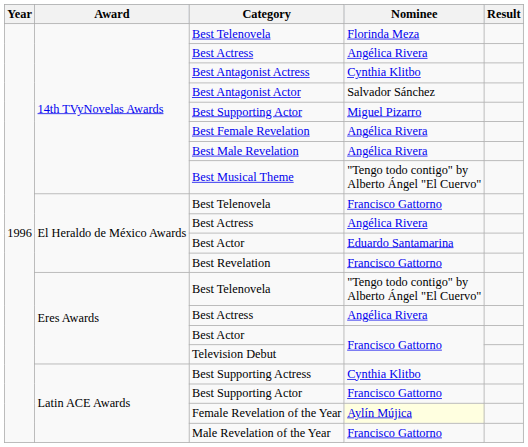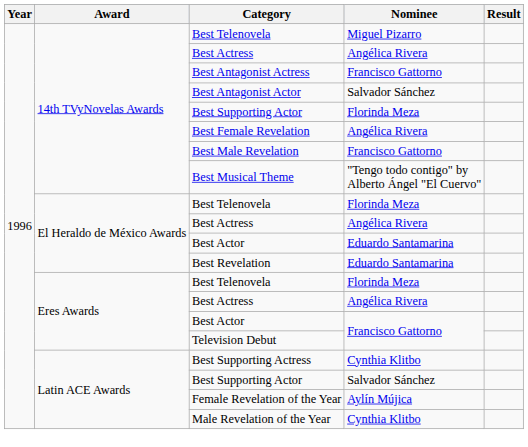 <table class="wikitable">
 <tr style="background:#b0c4de;">
 <th>Year</th>
 <th>Award</th>
 <th>Category</th>
 <th>Nominee</th>
 <th>Result</th>
 </tr>
 <tr>
 <td rowspan=20>1996</td>
 <td rowspan=8><a href='#'>14th TVyNovelas Awards</a></td>
 <td><a href='#'>Best Telenovela</a></td>
-<td><a href='#'>Florinda Meza</a></td>
+<td><a href='#'>Miguel Pizarro</a></td>
 <td></td>
 </tr>
 <tr>
 <td><a href='#'>Best Actress</a></td>
 <td><a href='#'>Angélica Rivera</a></td>
 <td></td>
 </tr>
 <tr>
 <td><a href='#'>Best Antagonist Actress</a></td>
-<td><a href='#'>Cynthia Klitbo</a></td>
+<td><a href='#'>Francisco Gattorno</a></td>
 <td></td>
 </tr>
 <tr>
 <td><a href='#'>Best Antagonist Actor</a></td>
 <td>Salvador Sánchez</td>
 <td></td>
 </tr>
 <tr>
 <td><a href='#'>Best Supporting Actor</a></td>
-<td><a href='#'>Miguel Pizarro</a></td>
+<td><a href='#'>Florinda Meza</a></td>
 <td></td>
 </tr>
 <tr>
 <td><a href='#'>Best Female Revelation</a></td>
 <td><a href='#'>Angélica Rivera</a></td>
 <td></td>
 </tr>
 <tr>
 <td><a href='#'>Best Male Revelation</a></td>
-<td><a href='#'>Angélica Rivera</a></td>
+<td><a href='#'>Francisco Gattorno</a></td>
 <td></td>
 </tr>
 <tr>
 <td><a href='#'>Best Musical Theme</a></td>
 <td>"Tengo todo contigo" by <br> Alberto Ángel "El Cuervo"</td>
 <td></td>
 </tr>
 <tr>
 <td rowspan=4>El Heraldo de México Awards</td>
 <td>Best Telenovela</td>
-<td><a href='#'>Francisco Gattorno</a></td>
+<td><a href='#'>Florinda Meza</a></td>
 <td></td>
 </tr>
 <tr>
 <td>Best Actress</td>
 <td><a href='#'>Angélica Rivera</a></td>
 <td></td>
 </tr>
 <tr>
 <td>Best Actor</td>
 <td><a href='#'>Eduardo Santamarina</a></td>
 <td></td>
 </tr>
 <tr>
 <td>Best Revelation</td>
-<td><a href='#'>Francisco Gattorno</a></td>
+<td><a href='#'>Eduardo Santamarina</a></td>
 <td></td>
 </tr>
 <tr>
 <td rowspan=4>Eres Awards</td>
 <td>Best Telenovela</td>
-<td>"Tengo todo contigo" by <br> Alberto Ángel "El Cuervo"</td>
+<td><a href='#'>Florinda Meza</a></td>
 <td></td>
 </tr>
 <tr>
 <td>Best Actress</td>
 <td><a href='#'>Angélica Rivera</a></td>
 <td></td>
 </tr>
 <tr>
 <td>Best Actor</td>
 <td rowspan=2><a href='#'>Francisco Gattorno</a></td>
 <td></td>
 </tr>
 <tr>
 <td>Television Debut</td>
 <td></td>
 </tr>
 <tr>
 <td rowspan=4>Latin ACE Awards</td>
 <td>Best Supporting Actress</td>
 <td><a href='#'>Cynthia Klitbo</a></td>
 <td></td>
 </tr>
 <tr>
 <td>Best Supporting Actor</td>
-<td><a href='#'>Francisco Gattorno</a></td>
+<td>Salvador Sánchez</td>
 <td></td>
 </tr>
 <tr>
 <td>Female Revelation of the Year</td>
-<td style="background: lightyellow;"><a href='#'>Aylín Mújica</a></td>
+<td><a href='#'>Aylín Mújica</a></td>
 <td></td>
 </tr>
 <tr>
 <td>Male Revelation of the Year</td>
-<td><a href='#'>Francisco Gattorno</a></td>
+<td><a href='#'>Cynthia Klitbo</a></td>
 <td></td>
 </tr>
 </table>
